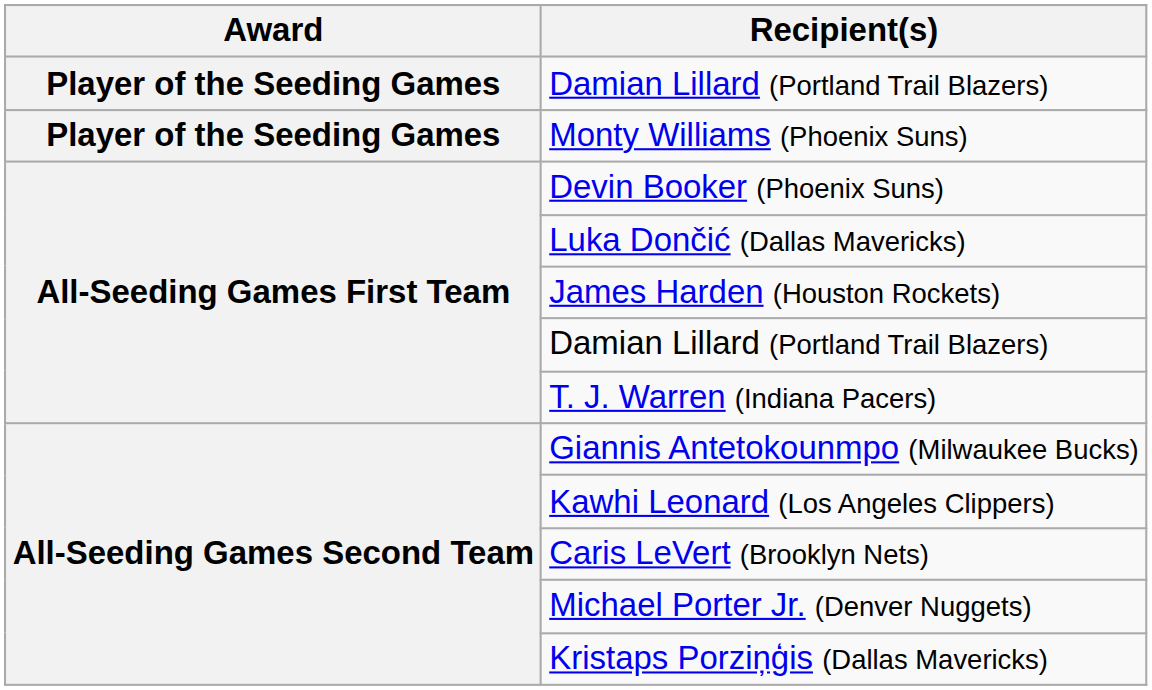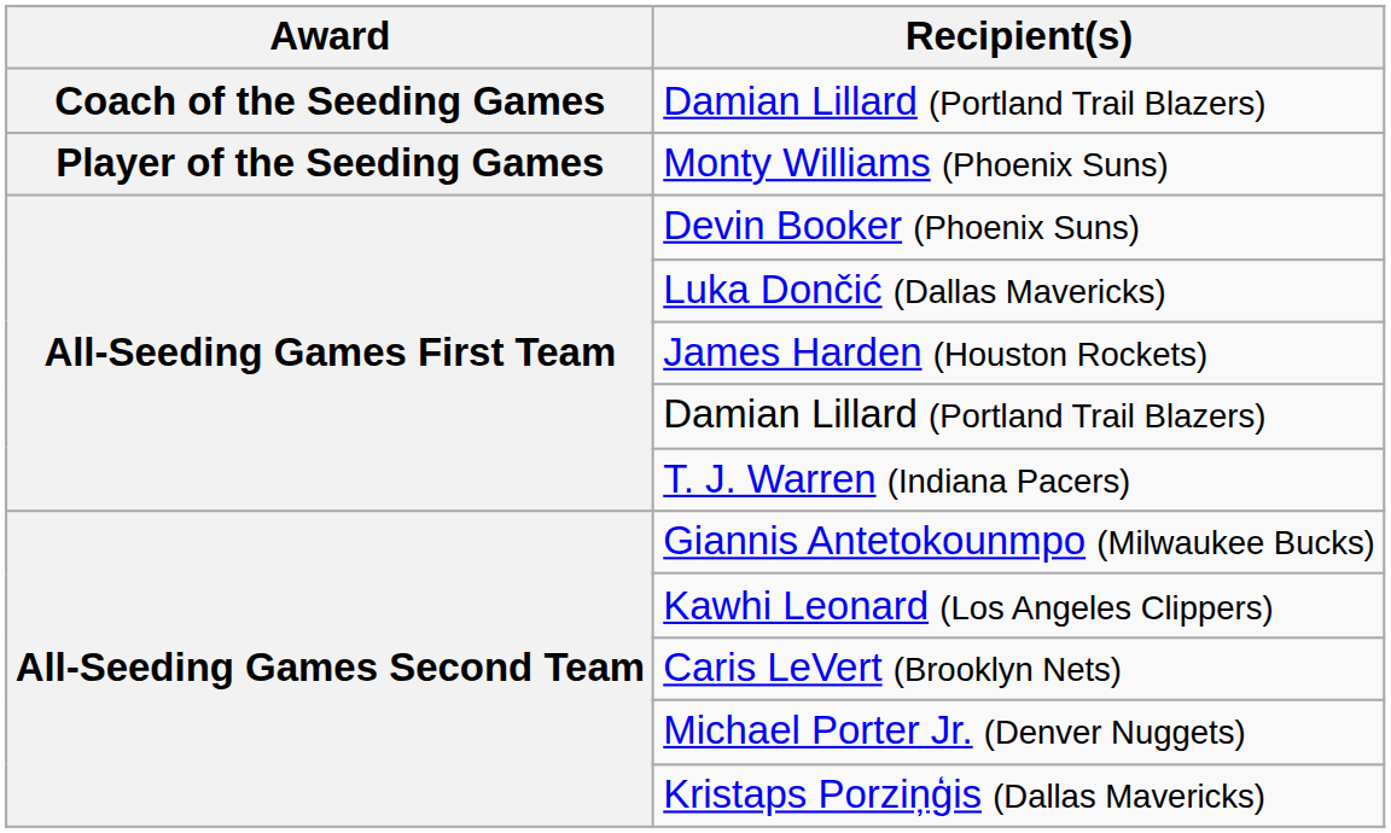 <table class="wikitable">
 <tr>
 <th>Award</th>
 <th>Recipient(s)</th>
 </tr>
 <tr>
-<th>Player of the Seeding Games</th>
+<th>Coach of the Seeding Games</th>
 <td><a href='#'>Damian Lillard</a> <small>(Portland Trail Blazers)</small></td>
 </tr>
 <tr>
 <th>Player of the Seeding Games</th>
 <td><a href='#'>Monty Williams</a> <small>(Phoenix Suns)</small></td>
 </tr>
 <tr>
 <th rowspan="5">All-Seeding Games First Team</th>
 <td><a href='#'>Devin Booker</a> <small>(Phoenix Suns)</small></td>
 </tr>
 <tr>
 <td><a href='#'>Luka Dončić</a> <small>(Dallas Mavericks)</small></td>
 </tr>
 <tr>
 <td><a href='#'>James Harden</a> <small>(Houston Rockets)</small></td>
 </tr>
 <tr>
 <td>Damian Lillard <small>(Portland Trail Blazers)</small></td>
 </tr>
 <tr>
 <td><a href='#'>T. J. Warren</a> <small>(Indiana Pacers)</small></td>
 </tr>
 <tr>
 <th rowspan="5">All-Seeding Games Second Team</th>
 <td><a href='#'>Giannis Antetokounmpo</a> <small>(Milwaukee Bucks)</small></td>
 </tr>
 <tr>
 <td><a href='#'>Kawhi Leonard</a> <small>(Los Angeles Clippers)</small></td>
 </tr>
 <tr>
 <td><a href='#'>Caris LeVert</a> <small>(Brooklyn Nets)</small></td>
 </tr>
 <tr>
 <td><a href='#'>Michael Porter Jr.</a> <small>(Denver Nuggets)</small></td>
 </tr>
 <tr>
 <td><a href='#'>Kristaps Porziņģis</a> <small>(Dallas Mavericks)</small></td>
 </tr>
 </table>
